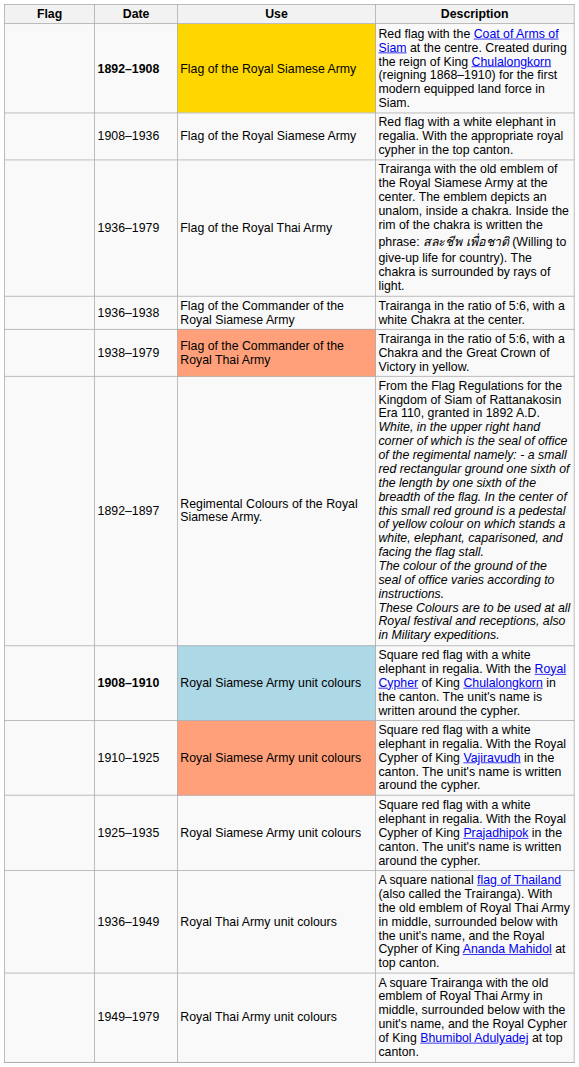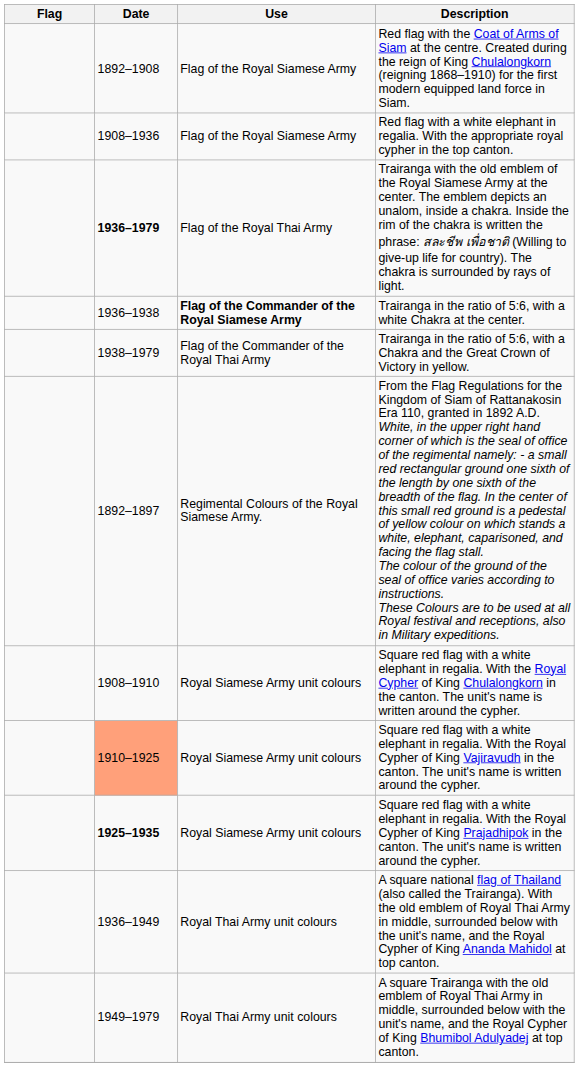 <table class="wikitable">
 <tr>
 <th width="110">Flag</th>
 <th width="100">Date</th>
 <th width="250">Use</th>
 <th width="250">Description</th>
 </tr>
 <tr>
 <td></td>
-<td><strong>1892–1908</strong></td>
-<td style="background: gold;">Flag of the Royal Siamese Army</td>
+<td>1892–1908</td>
+<td>Flag of the Royal Siamese Army</td>
 <td>Red flag with the <a href='#'>Coat of Arms of Siam</a> at the centre. Created during the reign of King <a href='#'>Chulalongkorn</a> (reigning 1868–1910) for the first modern equipped land force in Siam.</td>
 </tr>
 <tr>
 <td></td>
 <td>1908–1936</td>
 <td>Flag of the Royal Siamese Army</td>
 <td>Red flag with a white elephant in regalia. With the appropriate royal cypher in the top canton.</td>
 </tr>
 <tr>
 <td></td>
-<td>1936–1979</td>
+<td><strong>1936–1979</strong></td>
 <td>Flag of the Royal Thai Army</td>
 <td>Trairanga with the old emblem of the Royal Siamese Army at the center. The emblem depicts an unalom, inside a chakra. Inside the rim of the chakra is written the phrase: <em>สละชีพ เพื่อชาติ</em> (Willing to give-up life for country). The chakra is surrounded by rays of light.</td>
 </tr>
 <tr>
 <td></td>
 <td>1936–1938</td>
-<td>Flag of the Commander of the Royal Siamese Army</td>
+<td><strong>Flag of the Commander of the Royal Siamese Army</strong></td>
 <td>Trairanga in the ratio of 5:6, with a white Chakra at the center.</td>
 </tr>
 <tr>
 <td></td>
 <td>1938–1979</td>
-<td style="background: lightsalmon;">Flag of the Commander of the Royal Thai Army</td>
+<td>Flag of the Commander of the Royal Thai Army</td>
 <td>Trairanga in the ratio of 5:6, with a Chakra and the Great Crown of Victory in yellow.</td>
 </tr>
 <tr>
 <td></td>
 <td>1892–1897</td>
 <td>Regimental Colours of the Royal Siamese Army.</td>
 <td>From the Flag Regulations for the Kingdom of Siam of Rattanakosin Era 110, granted in 1892 A.D.<br><em>White, in the upper right hand corner of which is the seal of office of the regimental namely: - a small red rectangular ground one sixth of the length by one sixth of the breadth of the flag. In the center of this small red ground is a pedestal of yellow colour on which stands a white, elephant, caparisoned, and facing the flag stall.</em><br><em>The colour of the ground of the seal of office varies according to instructions.</em><br><em>These Colours are to be used at all Royal festival and receptions, also in Military expeditions.</em></td>
 </tr>
 <tr>
 <td></td>
-<td><strong>1908–1910</strong></td>
-<td style="background: lightblue;">Royal Siamese Army unit colours</td>
+<td>1908–1910</td>
+<td>Royal Siamese Army unit colours</td>
 <td>Square red flag with a white elephant in regalia. With the <a href='#'>Royal Cypher</a> of King <a href='#'>Chulalongkorn</a> in the canton. The unit's name is written around the cypher.</td>
 </tr>
 <tr>
 <td></td>
-<td>1910–1925</td>
-<td style="background: lightsalmon;">Royal Siamese Army unit colours</td>
+<td style="background: lightsalmon;">1910–1925</td>
+<td>Royal Siamese Army unit colours</td>
 <td>Square red flag with a white elephant in regalia. With the Royal Cypher of King <a href='#'>Vajiravudh</a> in the canton. The unit's name is written around the cypher.</td>
 </tr>
 <tr>
 <td></td>
-<td>1925–1935</td>
+<td><strong>1925–1935</strong></td>
 <td>Royal Siamese Army unit colours</td>
 <td>Square red flag with a white elephant in regalia. With the Royal Cypher of King <a href='#'>Prajadhipok</a> in the canton. The unit's name is written around the cypher.</td>
 </tr>
 <tr>
 <td></td>
 <td>1936–1949</td>
 <td>Royal Thai Army unit colours</td>
 <td>A square national <a href='#'>flag of Thailand</a> (also called the Trairanga). With the old  emblem of Royal Thai Army in middle, surrounded below with the unit's name, and the Royal Cypher of King <a href='#'>Ananda Mahidol</a> at top canton.</td>
 </tr>
 <tr>
 <td></td>
 <td>1949–1979</td>
 <td>Royal Thai Army unit colours</td>
 <td>A square Trairanga with the old emblem of Royal Thai Army in middle, surrounded below with the unit's name, and the Royal Cypher of King <a href='#'>Bhumibol Adulyadej</a> at top canton.</td>
 </tr>
 <tr>
 </tr>
 </table>
